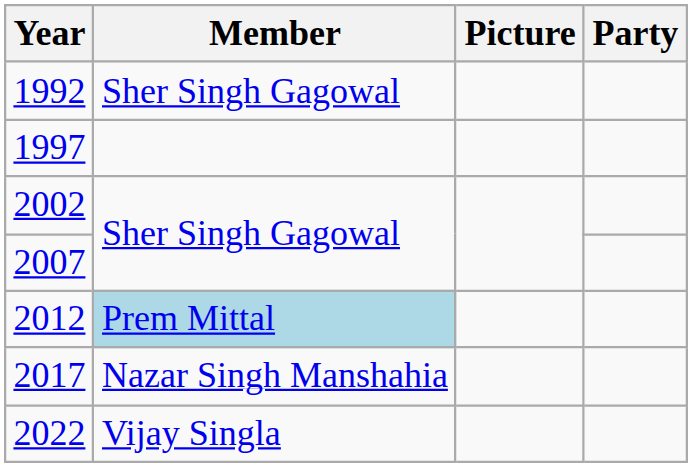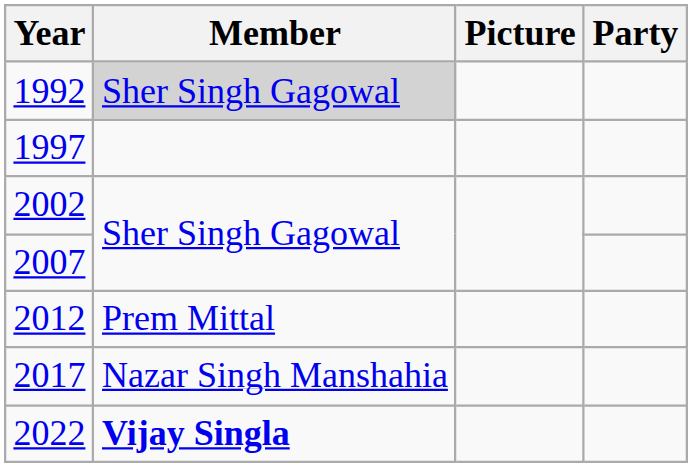 <table class="wikitable sortable">
 <tr>
 <th>Year</th>
 <th>Member</th>
 <th>Picture</th>
 <th colspan="2">Party</th>
 </tr>
 <tr>
 <td><a href='#'>1992</a></td>
-<td><a href='#'>Sher Singh Gagowal</a></td>
+<td style="background: lightgrey;"><a href='#'>Sher Singh Gagowal</a></td>
 <td></td>
 <td></td>
 </tr>
 <tr>
 <td><a href='#'>1997</a></td>
 <td></td>
 <td></td>
 <td></td>
 </tr>
 <tr>
 <td><a href='#'>2002</a></td>
 <td rowspan="2"><a href='#'>Sher Singh Gagowal</a></td>
 <td rowspan="2"></td>
 <td></td>
 </tr>
 <tr>
 <td><a href='#'>2007</a></td>
 <td></td>
 </tr>
 <tr>
 <td><a href='#'>2012</a></td>
-<td style="background: lightblue;"><a href='#'>Prem Mittal</a></td>
+<td><a href='#'>Prem Mittal</a></td>
 <td></td>
 <td></td>
 </tr>
 <tr>
 <td><a href='#'>2017</a></td>
 <td><a href='#'>Nazar Singh Manshahia</a></td>
 <td></td>
 <td></td>
 </tr>
 <tr>
 <td><a href='#'>2022</a></td>
-<td><a href='#'>Vijay Singla</a></td>
+<td><strong><a href='#'>Vijay Singla</a></strong></td>
 <td></td>
 <td></td>
 </tr>
 </table>
